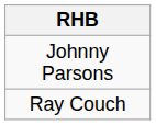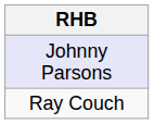 <table class="wikitable" width="120px">
 <tr>
 <th>RHB</th>
 </tr>
 <tr>
-<td align="center">Johnny Parsons</td>
+<td align="center" style="background: lavender;">Johnny Parsons</td>
 </tr>
 <tr>
 <td align="center">Ray Couch</td>
 </tr>
 </table>
